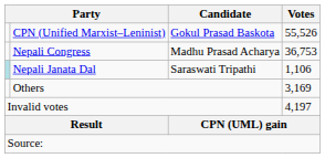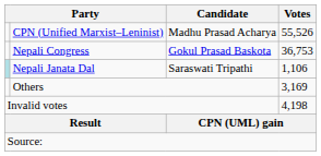 <table class="wikitable">
 <tr>
 <th colspan="2">Party</th>
 <th>Candidate</th>
 <th>Votes</th>
 </tr>
 <tr>
 <td style="background-color:"></td>
 <td><a href='#'>CPN (Unified Marxist–Leninist)</a></td>
-<td><a href='#'>Gokul Prasad Baskota</a></td>
+<td>Madhu Prasad Acharya</td>
 <td>55,526</td>
 </tr>
 <tr>
 <td style="background-color:"></td>
 <td><a href='#'>Nepali Congress</a></td>
-<td>Madhu Prasad Acharya</td>
+<td><a href='#'>Gokul Prasad Baskota</a></td>
 <td>36,753</td>
 </tr>
 <tr>
 <td style="background-color:powderblue"></td>
 <td><a href='#'>Nepali Janata Dal</a></td>
 <td>Saraswati Tripathi</td>
 <td>1,106</td>
 </tr>
 <tr>
 <td></td>
 <td colspan="2">Others</td>
 <td>3,169</td>
 </tr>
 <tr>
 <td colspan="3">Invalid votes</td>
-<td>4,197</td>
+<td>4,198</td>
 </tr>
 <tr>
 <th colspan="2">Result</th>
 <th colspan="2">CPN (UML) gain</th>
 </tr>
 <tr>
 <td colspan="4">Source: </td>
 </tr>
 </table>
